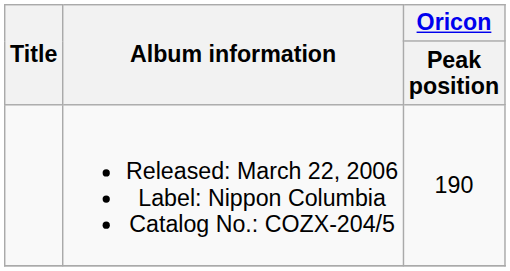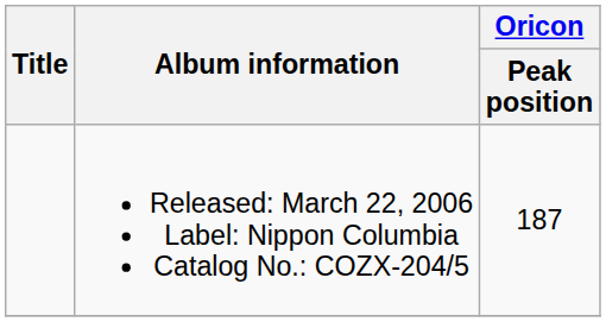 <table class="wikitable plainrowheaders" style="text-align:center">
 <tr>
 <th rowspan=2; style=>Title</th>
 <th rowspan=2;>Album information</th>
 <th colspan=1; style=><a href='#'>Oricon</a></th>
 </tr>
 <tr>
 <th style=>Peak<br>position</th>
 </tr>
 <tr>
 <td align=left></td>
 <td><br><ul><li>Released: March 22, 2006</li><li>Label: Nippon Columbia</li><li>Catalog No.: COZX-204/5</li></ul></td>
-<td>190</td>
+<td>187</td>
 </tr>
 <tr>
 </tr>
 </table>
